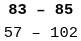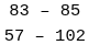 <table style="text-align:center;">
 <tr>
 <th width=200></th>
 <th width=100></th>
 <th width=200></th>
 <th></th>
 </tr>
 <tr>
 <td align=right></td>
-<td><strong>83 – 85</strong></td>
+<td>83 – 85</td>
 <td align=left><strong></strong></td>
 </tr>
 <tr>
 <td align=right></td>
 <td>57 – 102</td>
 <td align=left><strong></strong></td>
 </tr>
 </table>
